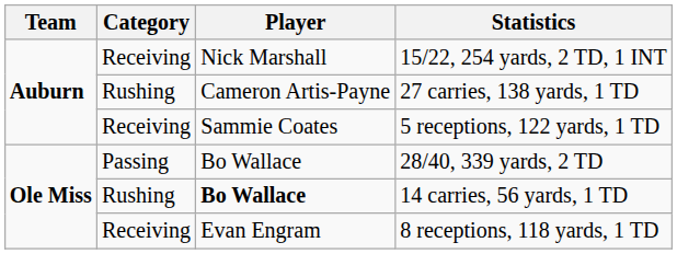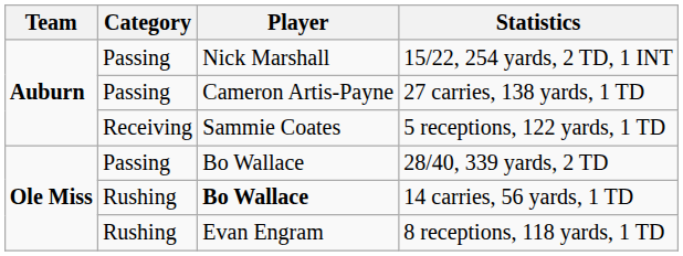 <table class="wikitable" style="float: right;">
 <tr>
 <th>Team</th>
 <th>Category</th>
 <th>Player</th>
 <th>Statistics</th>
 </tr>
 <tr>
 <td rowspan=3><strong>Auburn</strong></td>
-<td>Receiving</td>
+<td>Passing</td>
 <td>Nick Marshall</td>
 <td>15/22, 254 yards, 2 TD, 1 INT</td>
 </tr>
 <tr>
-<td>Rushing</td>
+<td>Passing</td>
 <td>Cameron Artis-Payne</td>
 <td>27 carries, 138 yards, 1 TD</td>
 </tr>
 <tr>
 <td>Receiving</td>
 <td>Sammie Coates</td>
 <td>5 receptions, 122 yards, 1 TD</td>
 </tr>
 <tr>
 <td rowspan=3><strong>Ole Miss</strong></td>
 <td>Passing</td>
 <td>Bo Wallace</td>
 <td>28/40, 339 yards, 2 TD</td>
 </tr>
 <tr>
 <td>Rushing</td>
 <td><strong>Bo Wallace</strong></td>
 <td>14 carries, 56 yards, 1 TD</td>
 </tr>
 <tr>
-<td>Receiving</td>
+<td>Rushing</td>
 <td>Evan Engram</td>
 <td>8 receptions, 118 yards, 1 TD</td>
 </tr>
 </table>
